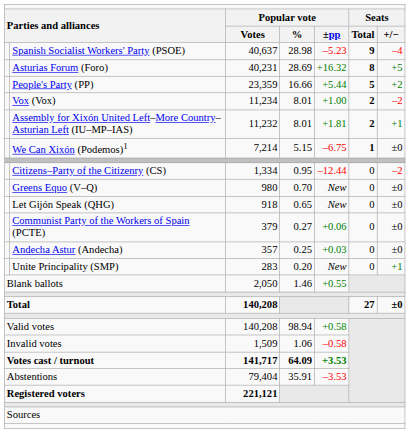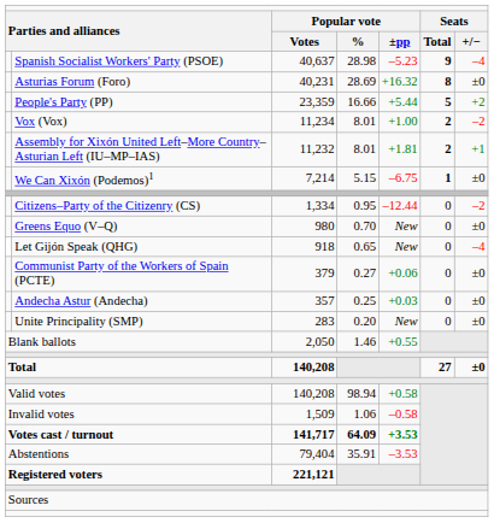 <table class="wikitable" style="text-align:right;">
 <tr>
 <td colspan="7"></td>
 </tr>
 <tr>
 <th style="text-align:left;" rowspan="2" colspan="2" width="525">Parties and alliances</th>
 <th colspan="3">Popular vote</th>
 <th colspan="2">Seats</th>
 </tr>
 <tr>
 <th width="75">Votes</th>
 <th width="45">%</th>
 <th width="45">±<a href='#'>pp</a></th>
 <th width="35">Total</th>
 <th width="35">+/−</th>
 </tr>
 <tr>
 <td width="1" style="color:inherit;background:"></td>
 <td align="left"><a href='#'>Spanish Socialist Workers' Party</a> (PSOE)</td>
 <td>40,637</td>
 <td>28.98</td>
 <td style="color:red;">–5.23</td>
 <td><strong>9</strong></td>
 <td style="color:red;">–4</td>
 </tr>
 <tr>
 <td style="color:inherit;background:"></td>
 <td align="left"><a href='#'>Asturias Forum</a> (Foro)</td>
 <td>40,231</td>
 <td>28.69</td>
 <td style="color:green;">+16.32</td>
 <td><strong>8</strong></td>
-<td style="color:green;">+5</td>
+<td>±0</td>
 </tr>
 <tr>
 <td style="color:inherit;background:"></td>
 <td align="left"><a href='#'>People's Party</a> (PP)</td>
 <td>23,359</td>
 <td>16.66</td>
 <td style="color:green;">+5.44</td>
 <td><strong>5</strong></td>
 <td style="color:green;">+2</td>
 </tr>
 <tr>
 <td style="color:inherit;background:"></td>
 <td align="left"><a href='#'>Vox</a> (Vox)</td>
 <td>11,234</td>
 <td>8.01</td>
 <td style="color:green;">+1.00</td>
 <td><strong>2</strong></td>
 <td style="color:red;">–2</td>
 </tr>
 <tr>
 <td style="color:inherit;background:"></td>
 <td align="left"><a href='#'>Assembly for Xixón United Left</a>–<a href='#'>More Country</a>–<a href='#'>Asturian Left</a> (IU–MP–IAS)</td>
 <td>11,232</td>
 <td>8.01</td>
 <td style="color:green;">+1.81</td>
 <td><strong>2</strong></td>
 <td style="color:green;">+1</td>
 </tr>
 <tr>
 <td style="color:inherit;background:"></td>
 <td align="left"><a href='#'>We Can Xixón</a> (Podemos)<sup>1</sup></td>
 <td>7,214</td>
 <td>5.15</td>
 <td style="color:red;">–6.75</td>
 <td><strong>1</strong></td>
 <td>±0</td>
 </tr>
 <tr>
 <td colspan="7" bgcolor="#C0C0C0"></td>
 </tr>
 <tr>
 <td style="color:inherit;background:"></td>
 <td align="left"><a href='#'>Citizens–Party of the Citizenry</a> (CS)</td>
 <td>1,334</td>
 <td>0.95</td>
 <td style="color:red;">–12.44</td>
 <td>0</td>
 <td style="color:red;">–2</td>
 </tr>
 <tr>
 <td style="color:inherit;background:"></td>
 <td align="left"><a href='#'>Greens Equo</a> (V–Q)</td>
 <td>980</td>
 <td>0.70</td>
 <td><em>New</em></td>
 <td>0</td>
 <td>±0</td>
 </tr>
 <tr>
 <td bgcolor="white"></td>
 <td align="left">Let Gijón Speak (QHG)</td>
 <td>918</td>
 <td>0.65</td>
 <td><em>New</em></td>
 <td>0</td>
-<td>±0</td>
+<td style="color:red;">–4</td>
 </tr>
 <tr>
 <td style="color:inherit;background:"></td>
 <td align="left"><a href='#'>Communist Party of the Workers of Spain</a> (PCTE)</td>
 <td>379</td>
 <td>0.27</td>
 <td style="color:green;">+0.06</td>
 <td>0</td>
 <td>±0</td>
 </tr>
 <tr>
 <td style="color:inherit;background:"></td>
 <td align="left"><a href='#'>Andecha Astur</a> (Andecha)</td>
 <td>357</td>
 <td>0.25</td>
 <td style="color:green;">+0.03</td>
 <td>0</td>
 <td>±0</td>
 </tr>
 <tr>
 <td style="color:inherit;background:"></td>
 <td align="left">Unite Principality (SMP)</td>
 <td>283</td>
 <td>0.20</td>
 <td><em>New</em></td>
 <td>0</td>
-<td style="color:green;">+1</td>
+<td>±0</td>
 </tr>
 <tr>
 <td align="left" colspan="2">Blank ballots</td>
 <td>2,050</td>
 <td>1.46</td>
 <td style="color:green;">+0.55</td>
 <td bgcolor="#E9E9E9" colspan="2"></td>
 </tr>
 <tr>
 <td colspan="7" bgcolor="#E9E9E9"></td>
 </tr>
 <tr style="font-weight:bold;">
 <td align="left" colspan="2">Total</td>
 <td>140,208</td>
 <td colspan="2" bgcolor="#E9E9E9"></td>
 <td>27</td>
 <td>±0</td>
 </tr>
 <tr>
 <td colspan="7" bgcolor="#E9E9E9"></td>
 </tr>
 <tr>
 <td align="left" colspan="2">Valid votes</td>
 <td>140,208</td>
 <td>98.94</td>
 <td style="color:green;">+0.58</td>
 <td bgcolor="#E9E9E9" colspan="2" rowspan="5"></td>
 </tr>
 <tr>
 <td align="left" colspan="2">Invalid votes</td>
 <td>1,509</td>
 <td>1.06</td>
 <td style="color:red;">–0.58</td>
 </tr>
 <tr style="font-weight:bold;">
 <td align="left" colspan="2">Votes cast / turnout</td>
 <td>141,717</td>
 <td>64.09</td>
 <td style="color:green;">+3.53</td>
 </tr>
 <tr>
 <td align="left" colspan="2">Abstentions</td>
 <td>79,404</td>
 <td>35.91</td>
 <td style="color:red;">–3.53</td>
 </tr>
 <tr style="font-weight:bold;">
 <td align="left" colspan="2">Registered voters</td>
 <td>221,121</td>
 <td colspan="2" bgcolor="#E9E9E9"></td>
 </tr>
 <tr>
 <td colspan="7" bgcolor="#E9E9E9"></td>
 </tr>
 <tr>
 <td align="left" colspan="7">Sources</td>
 </tr>
 <tr>
 <td colspan="7" style="text-align:left; max-width:790px;"></td>
 </tr>
 </table>
